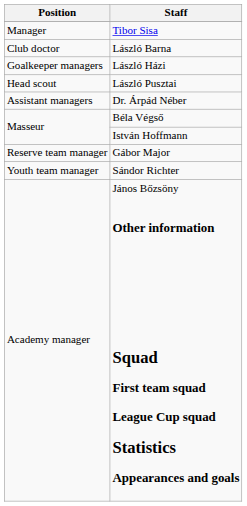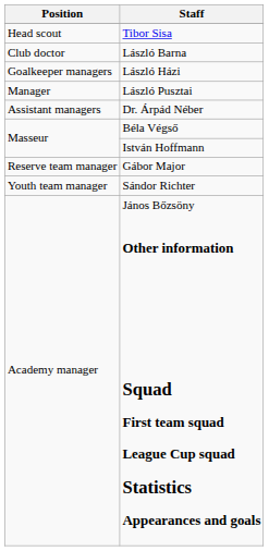 <table class="wikitable">
 <tr>
 <th>Position</th>
 <th>Staff</th>
 </tr>
 <tr>
 </tr>
 <tr>
-<td>Manager</td>
+<td>Head scout</td>
 <td> <a href='#'>Tibor Sisa</a></td>
 </tr>
 <tr>
 <td rowspan="1">Club doctor</td>
 <td> László Barna</td>
 </tr>
 <tr>
 <td rowspan="1">Goalkeeper managers</td>
 <td> László Házi</td>
 </tr>
 <tr>
-<td>Head scout</td>
+<td>Manager</td>
 <td> László Pusztai</td>
 </tr>
 <tr>
 <td rowspan="1">Assistant managers</td>
 <td> Dr. Árpád Néber</td>
 </tr>
 <tr>
 <td rowspan="2">Masseur</td>
 <td> Béla Végső</td>
 </tr>
 <tr>
 <td> István Hoffmann</td>
 </tr>
 <tr>
 <td>Reserve team manager</td>
 <td> Gábor Major</td>
 </tr>
 <tr>
 <td>Youth team manager</td>
 <td> Sándor Richter</td>
 </tr>
 <tr>
 <td>Academy manager</td>
 <td> János Bőzsöny<br><br><h3>Other information</h3><br><br><br><br><br><br><br><h2>Squad</h2><h3>First team squad</h3>                        <h3>League Cup squad</h3>                  <h2>Statistics</h2><h3>Appearances and goals</h3>                             </td>
 </tr>
 </table>
